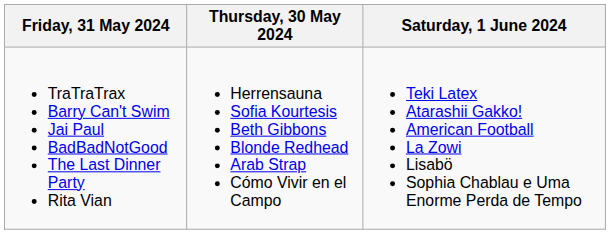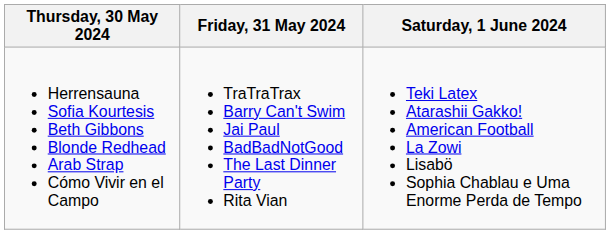 <table class="wikitable">
 <tr>
+<th>Thursday, 30 May 2024</th>
 <th>Friday, 31 May 2024</th>
-<th>Thursday, 30 May 2024</th>
 <th>Saturday, 1 June 2024</th>
 </tr>
 <tr>
+<td><br><ul><li>Herrensauna</li><li><a href='#'>Sofia Kourtesis</a></li><li><a href='#'>Beth Gibbons</a></li><li><a href='#'>Blonde Redhead</a></li><li><a href='#'>Arab Strap</a></li><li>Cómo Vivir en el Campo</li></ul></td>
 <td><br><ul><li>TraTraTrax</li><li><a href='#'>Barry Can't Swim</a></li><li><a href='#'>Jai Paul</a></li><li><a href='#'>BadBadNotGood</a></li><li><a href='#'>The Last Dinner Party</a></li><li>Rita Vian</li></ul></td>
-<td><br><ul><li>Herrensauna</li><li><a href='#'>Sofia Kourtesis</a></li><li><a href='#'>Beth Gibbons</a></li><li><a href='#'>Blonde Redhead</a></li><li><a href='#'>Arab Strap</a></li><li>Cómo Vivir en el Campo</li></ul></td>
 <td><br><ul><li><a href='#'>Teki Latex</a></li><li><a href='#'>Atarashii Gakko!</a></li><li><a href='#'>American Football</a></li><li><a href='#'>La Zowi</a></li><li>Lisabö</li><li>Sophia Chablau e Uma Enorme Perda de Tempo</li></ul></td>
 </tr>
 </table>
